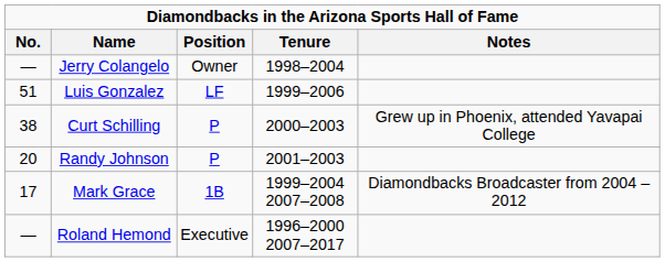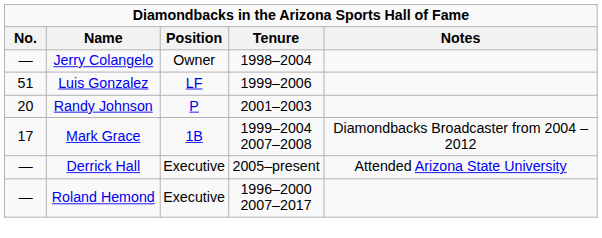 <table class="wikitable" style="text-align:center">
 <tr>
 <td colspan="5"><strong>Diamondbacks in the Arizona Sports Hall of Fame</strong></td>
 </tr>
 <tr>
 <th width=40px>No.</th>
 <th width=120px>Name</th>
 <th width=40px>Position</th>
 <th width=100px>Tenure</th>
 <th width=300px>Notes</th>
 </tr>
 <tr>
 <td>—</td>
 <td><a href='#'>Jerry Colangelo</a></td>
 <td>Owner</td>
 <td>1998–2004</td>
 <td></td>
 </tr>
 <tr>
 <td>51</td>
 <td><a href='#'>Luis Gonzalez</a></td>
 <td><a href='#'>LF</a></td>
 <td>1999–2006</td>
 <td></td>
 </tr>
 <tr>
-<td>38</td>
-<td><a href='#'>Curt Schilling</a></td>
-<td><a href='#'>P</a></td>
-<td>2000–2003</td>
-<td>Grew up in Phoenix, attended Yavapai College</td>
-</tr>
-<tr>
 <td>20</td>
 <td><a href='#'>Randy Johnson</a></td>
 <td><a href='#'>P</a></td>
 <td>2001–2003</td>
 <td></td>
 </tr>
 <tr>
 <td>17</td>
 <td><a href='#'>Mark Grace</a></td>
 <td><a href='#'>1B</a></td>
 <td>1999–2004<br>2007–2008</td>
 <td>Diamondbacks Broadcaster from 2004 – 2012</td>
 </tr>
 <tr>
 <td>—</td>
+<td><a href='#'>Derrick Hall</a></td>
+<td>Executive</td>
+<td>2005–present</td>
+<td>Attended <a href='#'>Arizona State University</a></td>
+</tr>
+<tr>
+<td>—</td>
 <td><a href='#'>Roland Hemond</a></td>
 <td>Executive</td>
 <td>1996–2000<br>2007–2017</td>
 <td></td>
 </tr>
 </table>
